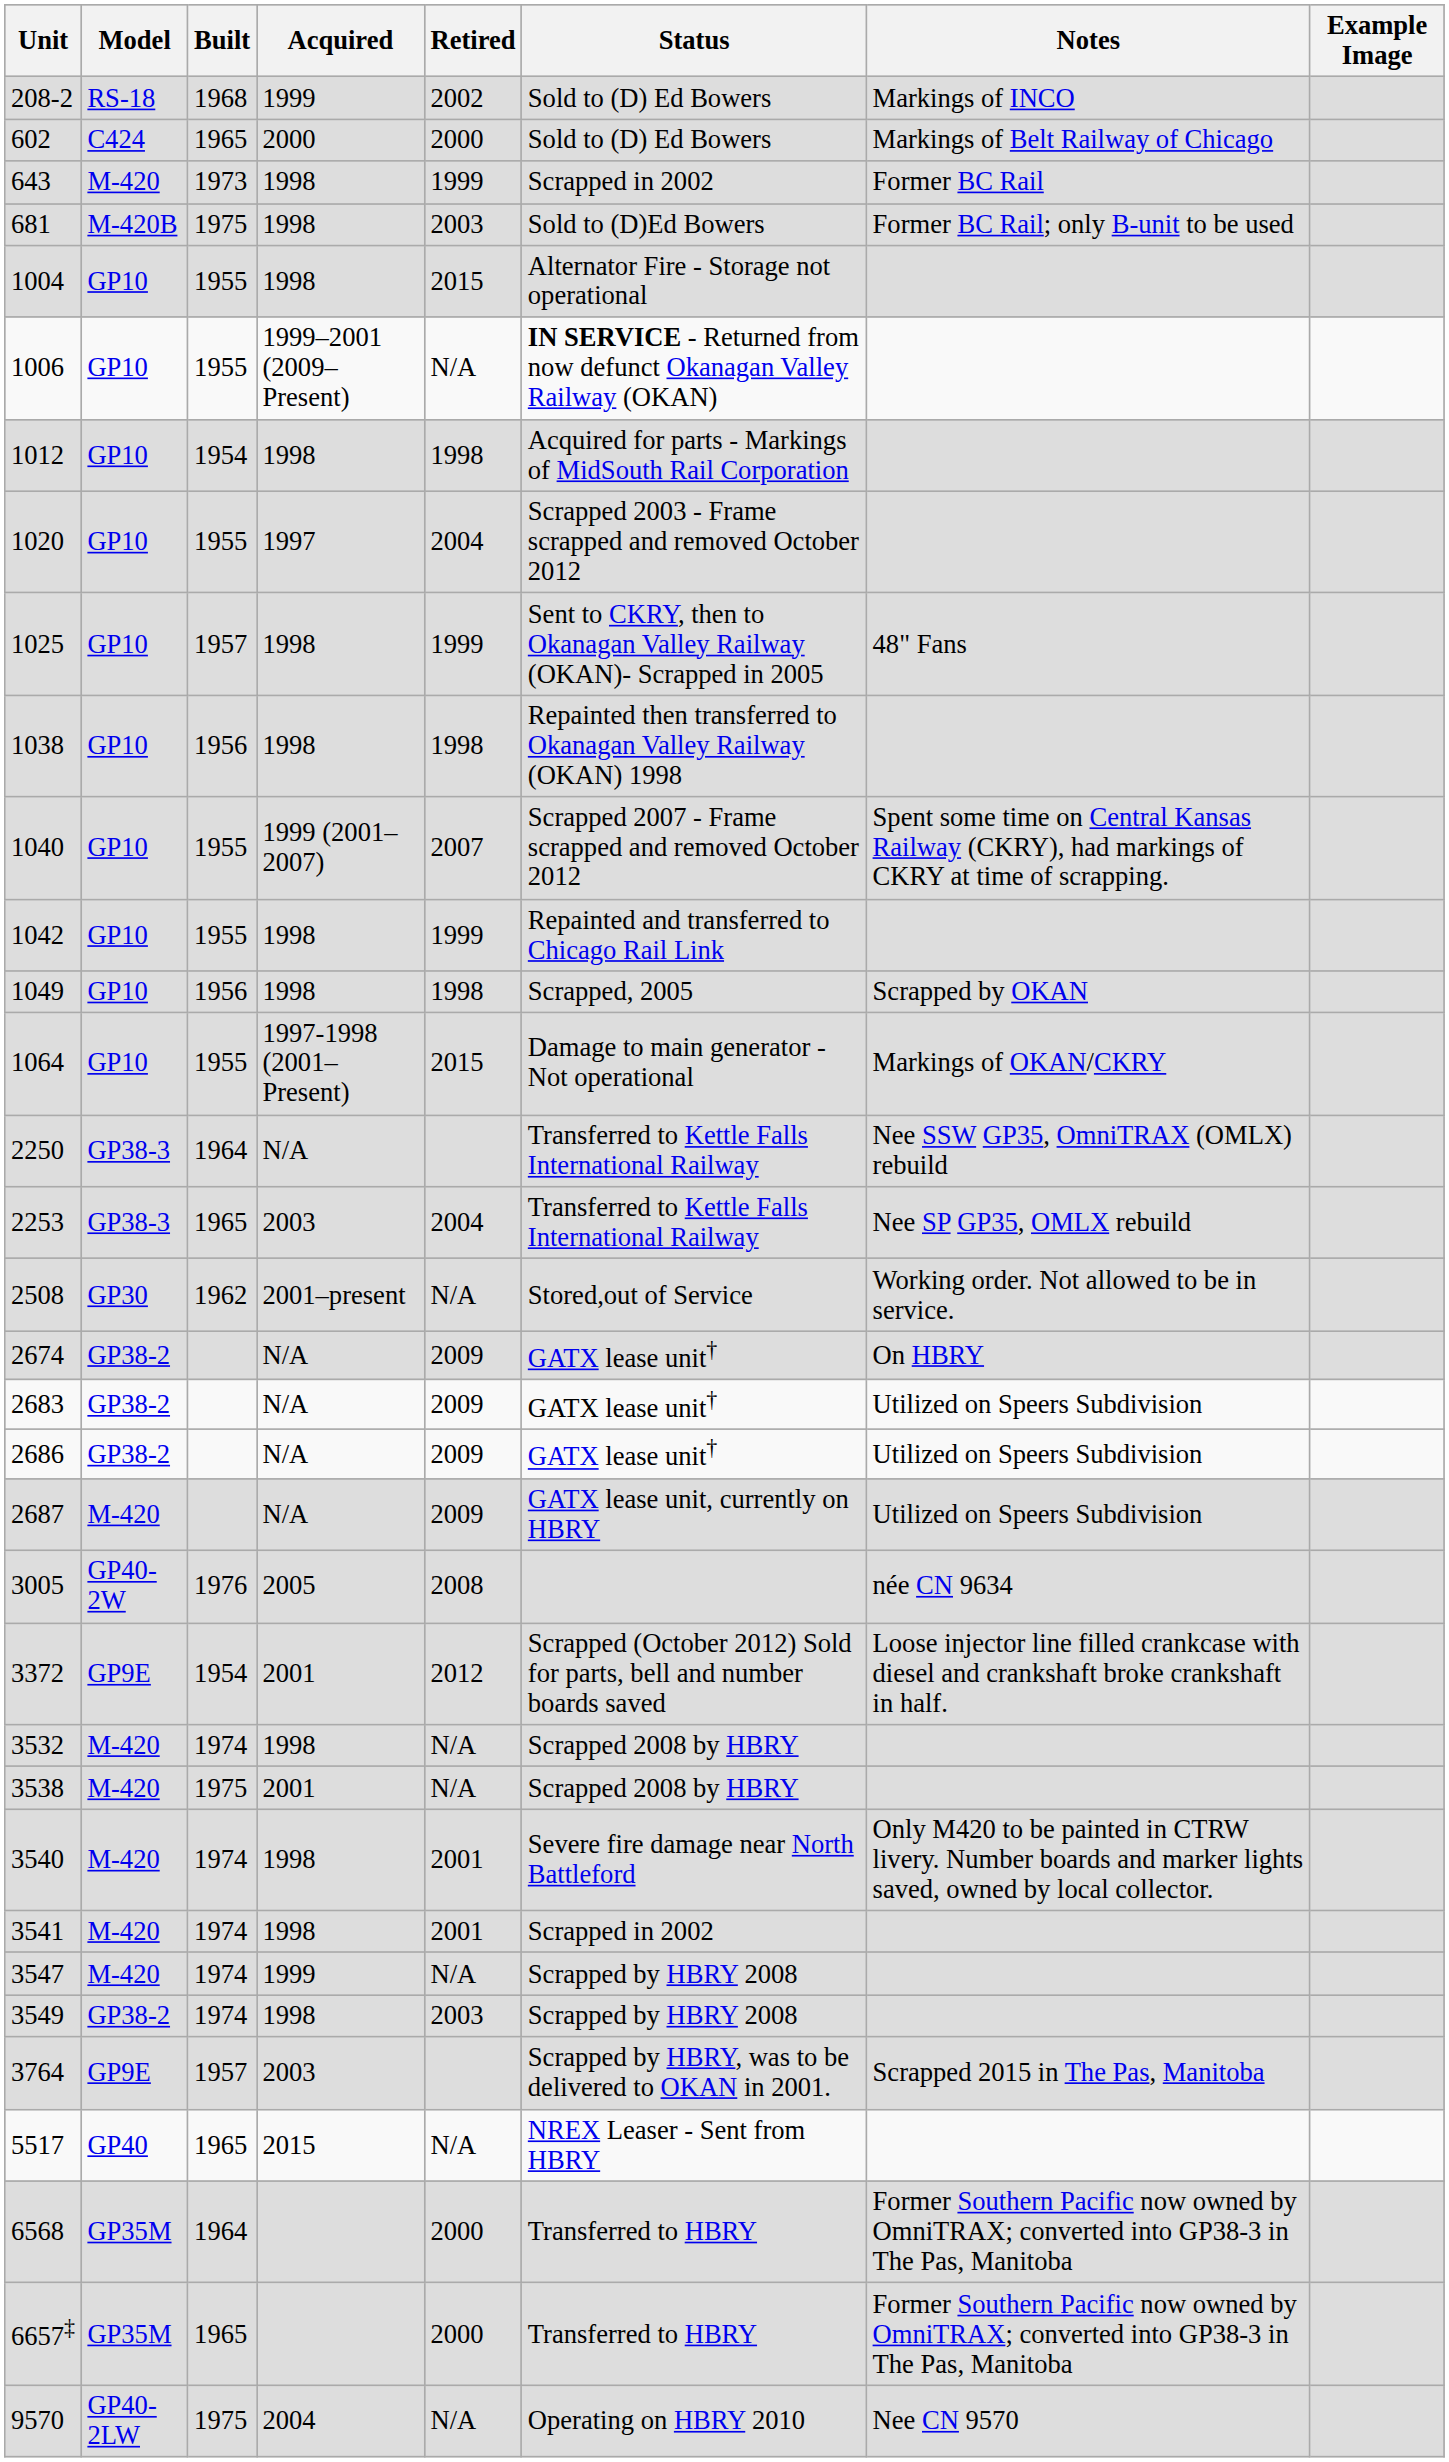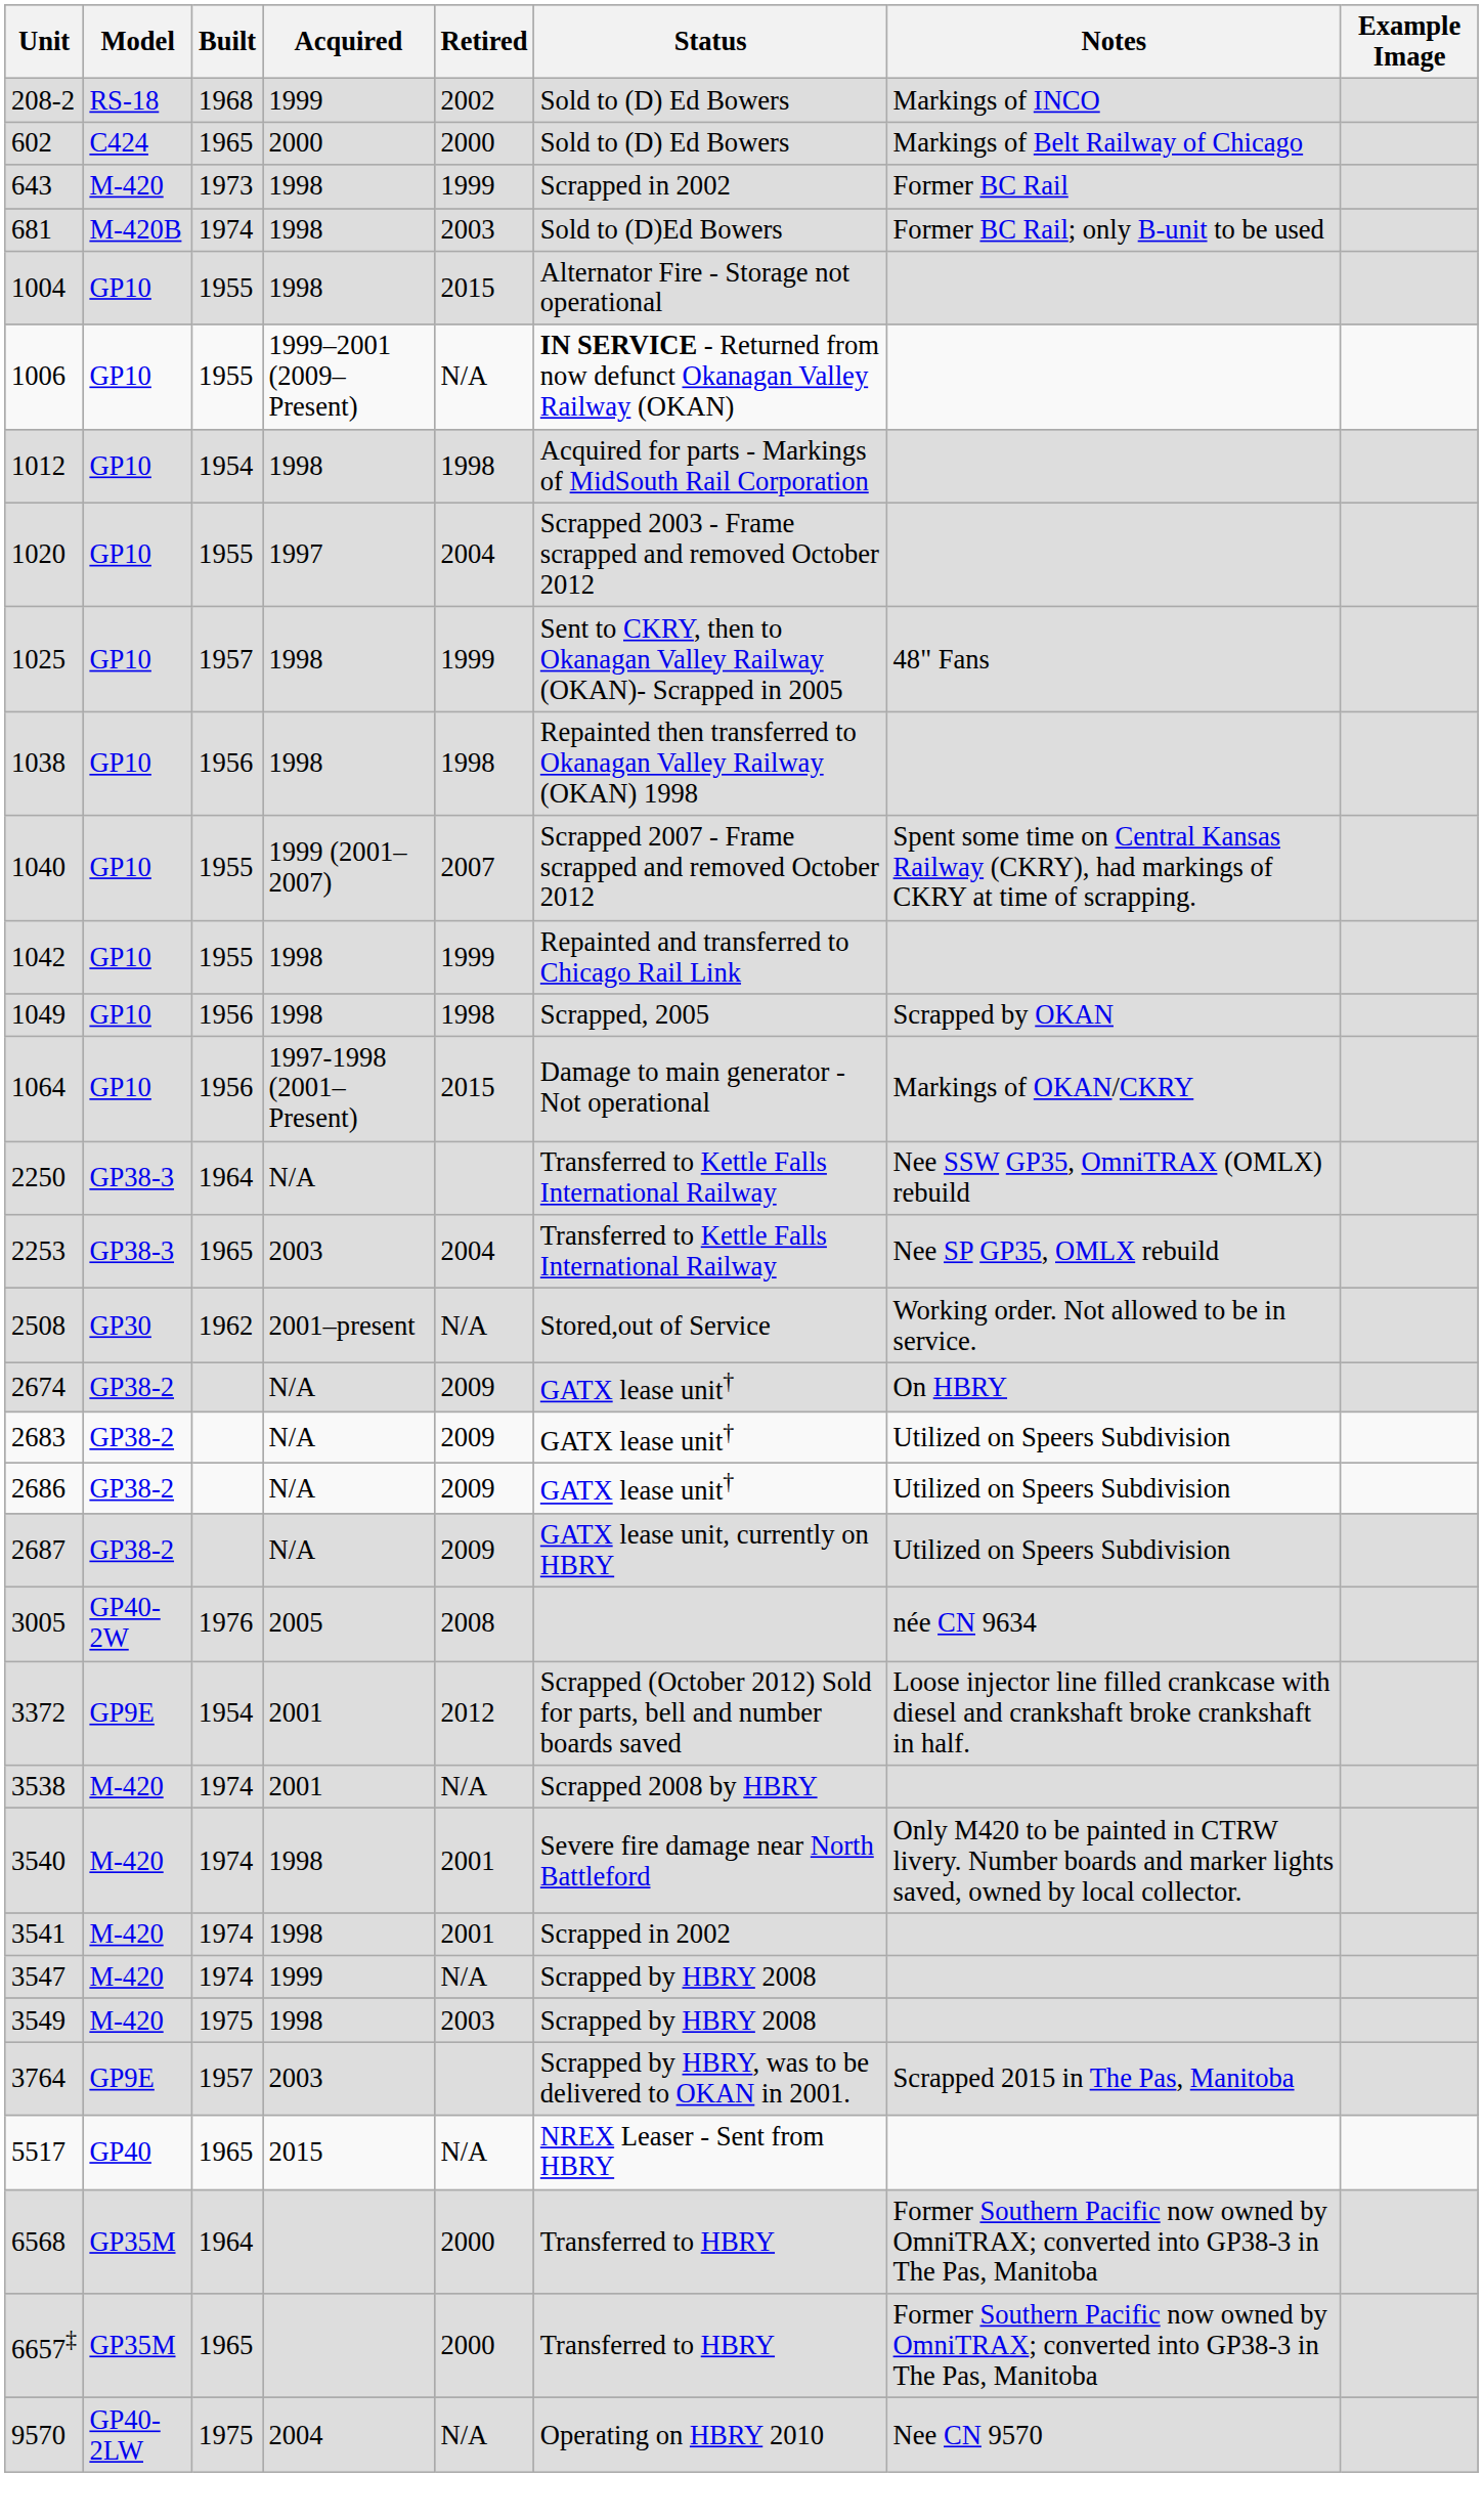 <table class="wikitable" border="1">
 <tr>
 <th>Unit</th>
 <th>Model</th>
 <th>Built</th>
 <th>Acquired</th>
 <th>Retired</th>
 <th>Status</th>
 <th>Notes</th>
 <th>Example Image</th>
 </tr>
 <tr bgcolor="dddddd">
 <td>208-2</td>
 <td><a href='#'>RS-18</a></td>
 <td>1968</td>
 <td>1999</td>
 <td>2002</td>
 <td>Sold to (D) Ed Bowers</td>
 <td>Markings of <a href='#'>INCO</a></td>
 <td></td>
 </tr>
 <tr bgcolor="dddddd">
 <td>602</td>
 <td><a href='#'>C424</a></td>
 <td>1965</td>
 <td>2000</td>
 <td>2000</td>
 <td>Sold to (D) Ed Bowers</td>
 <td>Markings of <a href='#'>Belt Railway of Chicago</a></td>
 <td></td>
 </tr>
 <tr bgcolor="dddddd">
 <td>643</td>
 <td><a href='#'>M-420</a></td>
 <td>1973</td>
 <td>1998</td>
 <td>1999</td>
 <td>Scrapped in 2002</td>
 <td>Former <a href='#'>BC Rail</a></td>
 <td></td>
 </tr>
 <tr bgcolor="dddddd">
 <td>681</td>
 <td><a href='#'>M-420B</a></td>
-<td>1975</td>
+<td>1974</td>
 <td>1998</td>
 <td>2003</td>
 <td>Sold to (D)Ed Bowers</td>
 <td>Former <a href='#'>BC Rail</a>; only <a href='#'>B-unit</a> to be used</td>
 <td></td>
 </tr>
 <tr bgcolor="dddddd">
 <td>1004</td>
 <td><a href='#'>GP10</a></td>
 <td>1955</td>
 <td>1998</td>
 <td>2015</td>
 <td>Alternator Fire - Storage not operational</td>
 <td></td>
 <td></td>
 </tr>
 <tr>
 <td>1006</td>
 <td><a href='#'>GP10</a></td>
 <td>1955</td>
 <td>1999–2001 (2009–Present)</td>
 <td>N/A</td>
 <td><strong>IN SERVICE</strong> - Returned from now defunct <a href='#'>Okanagan Valley Railway</a> (OKAN)</td>
 <td></td>
 <td></td>
 </tr>
 <tr bgcolor="dddddd">
 <td>1012</td>
 <td><a href='#'>GP10</a></td>
 <td>1954</td>
 <td>1998</td>
 <td>1998</td>
 <td>Acquired for parts - Markings of <a href='#'>MidSouth Rail Corporation</a></td>
 <td></td>
 <td></td>
 </tr>
 <tr bgcolor="dddddd">
 <td>1020</td>
 <td><a href='#'>GP10</a></td>
 <td>1955</td>
 <td>1997</td>
 <td>2004</td>
 <td>Scrapped 2003 - Frame scrapped and removed October 2012</td>
 <td></td>
 <td></td>
 </tr>
 <tr bgcolor="dddddd">
 <td>1025</td>
 <td><a href='#'>GP10</a></td>
 <td>1957</td>
 <td>1998</td>
 <td>1999</td>
 <td>Sent to <a href='#'>CKRY</a>, then to <a href='#'>Okanagan Valley Railway</a> (OKAN)- Scrapped in 2005</td>
 <td>48" Fans</td>
 <td></td>
 </tr>
 <tr bgcolor="dddddd">
 <td>1038</td>
 <td><a href='#'>GP10</a></td>
 <td>1956</td>
 <td>1998</td>
 <td>1998</td>
 <td>Repainted then transferred to <a href='#'>Okanagan Valley Railway</a> (OKAN) 1998</td>
 <td></td>
 <td></td>
 </tr>
 <tr bgcolor="dddddd">
 <td>1040</td>
 <td><a href='#'>GP10</a></td>
 <td>1955</td>
 <td>1999 (2001–2007)</td>
 <td>2007</td>
 <td>Scrapped 2007 - Frame scrapped and removed October 2012</td>
 <td>Spent some time on <a href='#'>Central Kansas Railway</a> (CKRY), had markings of CKRY at time of scrapping.</td>
 <td></td>
 </tr>
 <tr bgcolor="dddddd">
 <td>1042</td>
 <td><a href='#'>GP10</a></td>
 <td>1955</td>
 <td>1998</td>
 <td>1999</td>
 <td>Repainted and transferred to <a href='#'>Chicago Rail Link</a></td>
 <td></td>
 <td></td>
 </tr>
 <tr bgcolor="dddddd">
 <td>1049</td>
 <td><a href='#'>GP10</a></td>
 <td>1956</td>
 <td>1998</td>
 <td>1998</td>
 <td>Scrapped, 2005</td>
 <td>Scrapped by <a href='#'>OKAN</a></td>
 <td></td>
 </tr>
 <tr bgcolor="dddddd">
 <td>1064</td>
 <td><a href='#'>GP10</a></td>
-<td>1955</td>
+<td>1956</td>
 <td>1997-1998 (2001–Present)</td>
 <td>2015</td>
 <td>Damage to main generator - Not operational</td>
 <td>Markings of <a href='#'>OKAN</a>/<a href='#'>CKRY</a></td>
 <td></td>
 </tr>
 <tr bgcolor="dddddd">
 <td>2250</td>
 <td><a href='#'>GP38-3</a></td>
 <td>1964</td>
 <td>N/A</td>
 <td></td>
 <td>Transferred to <a href='#'>Kettle Falls International Railway</a></td>
 <td>Nee <a href='#'>SSW</a> <a href='#'>GP35</a>, <a href='#'>OmniTRAX</a> (OMLX) rebuild</td>
 <td></td>
 </tr>
 <tr bgcolor="dddddd">
 <td>2253</td>
 <td><a href='#'>GP38-3</a></td>
 <td>1965</td>
 <td>2003</td>
 <td>2004</td>
 <td>Transferred to <a href='#'>Kettle Falls International Railway</a></td>
 <td>Nee <a href='#'>SP</a> <a href='#'>GP35</a>, <a href='#'>OMLX</a> rebuild</td>
 <td></td>
 </tr>
 <tr bgcolor="dddddd">
 <td>2508</td>
 <td><a href='#'>GP30</a></td>
 <td>1962</td>
 <td>2001–present</td>
 <td>N/A</td>
 <td>Stored,out of Service</td>
 <td>Working order. Not allowed to be in service.</td>
 <td></td>
 </tr>
 <tr bgcolor="dddddd">
 <td>2674</td>
 <td><a href='#'>GP38-2</a></td>
 <td></td>
 <td>N/A</td>
 <td>2009</td>
 <td><a href='#'>GATX</a> lease unit<sup>†</sup></td>
 <td>On <a href='#'>HBRY</a></td>
 <td></td>
 </tr>
 <tr>
 <td>2683</td>
 <td><a href='#'>GP38-2</a></td>
 <td></td>
 <td>N/A</td>
 <td>2009</td>
 <td>GATX lease unit<sup>†</sup></td>
 <td>Utilized on Speers Subdivision</td>
 <td></td>
 </tr>
 <tr>
 <td>2686</td>
 <td><a href='#'>GP38-2</a></td>
 <td></td>
 <td>N/A</td>
 <td>2009</td>
 <td><a href='#'>GATX</a> lease unit<sup>†</sup></td>
 <td>Utilized on Speers Subdivision</td>
 <td></td>
 </tr>
 <tr bgcolor="dddddd">
 <td>2687</td>
-<td><a href='#'>M-420</a></td>
+<td><a href='#'>GP38-2</a></td>
 <td></td>
 <td>N/A</td>
 <td>2009</td>
 <td><a href='#'>GATX</a> lease unit, currently on <a href='#'>HBRY</a></td>
 <td>Utilized on Speers Subdivision</td>
 <td></td>
 </tr>
 <tr bgcolor="dddddd">
 <td>3005</td>
 <td><a href='#'>GP40-2W</a></td>
 <td>1976</td>
 <td>2005</td>
 <td>2008</td>
 <td></td>
 <td>née <a href='#'>CN</a> 9634</td>
 <td></td>
 </tr>
 <tr bgcolor="dddddd">
 <td>3372</td>
 <td><a href='#'>GP9E</a></td>
 <td>1954</td>
 <td>2001</td>
 <td>2012</td>
 <td>Scrapped (October 2012) Sold for parts, bell and number boards saved</td>
 <td>Loose injector line filled crankcase with diesel and crankshaft broke crankshaft in half.</td>
 <td></td>
 </tr>
 <tr bgcolor="dddddd">
-<td>3532</td>
+<td>3538</td>
 <td><a href='#'>M-420</a></td>
 <td>1974</td>
-<td>1998</td>
-<td>N/A</td>
-<td>Scrapped 2008 by <a href='#'>HBRY</a></td>
-<td></td>
-<td></td>
-</tr>
-<tr bgcolor="dddddd">
-<td>3538</td>
-<td><a href='#'>M-420</a></td>
-<td>1975</td>
 <td>2001</td>
 <td>N/A</td>
 <td>Scrapped 2008 by <a href='#'>HBRY</a></td>
 <td></td>
 <td></td>
 </tr>
 <tr bgcolor="dddddd">
 <td>3540</td>
 <td><a href='#'>M-420</a></td>
 <td>1974</td>
 <td>1998</td>
 <td>2001</td>
 <td>Severe fire damage near <a href='#'>North Battleford</a></td>
 <td>Only M420 to be painted in CTRW livery. Number boards and marker lights saved, owned by local collector.</td>
 <td></td>
 </tr>
 <tr bgcolor="dddddd">
 <td>3541</td>
 <td><a href='#'>M-420</a></td>
 <td>1974</td>
 <td>1998</td>
 <td>2001</td>
 <td>Scrapped in 2002</td>
 <td></td>
 <td></td>
 </tr>
 <tr bgcolor="dddddd">
 <td>3547</td>
 <td><a href='#'>M-420</a></td>
 <td>1974</td>
 <td>1999</td>
 <td>N/A</td>
 <td>Scrapped by <a href='#'>HBRY</a> 2008</td>
 <td></td>
 <td></td>
 </tr>
 <tr bgcolor="dddddd">
 <td>3549</td>
-<td><a href='#'>GP38-2</a></td>
-<td>1974</td>
+<td><a href='#'>M-420</a></td>
+<td>1975</td>
 <td>1998</td>
 <td>2003</td>
 <td>Scrapped by <a href='#'>HBRY</a> 2008</td>
 <td></td>
 <td></td>
 </tr>
 <tr bgcolor="dddddd">
 <td>3764</td>
 <td><a href='#'>GP9E</a></td>
 <td>1957</td>
 <td>2003</td>
 <td></td>
 <td>Scrapped by <a href='#'>HBRY</a>, was to be delivered to <a href='#'>OKAN</a> in 2001.</td>
 <td>Scrapped 2015 in <a href='#'>The Pas</a>, <a href='#'>Manitoba</a></td>
 <td></td>
 </tr>
 <tr>
 <td>5517</td>
 <td><a href='#'>GP40</a></td>
 <td>1965</td>
 <td>2015</td>
 <td>N/A</td>
 <td><a href='#'>NREX</a> Leaser - Sent from <a href='#'>HBRY</a></td>
 <td></td>
 <td></td>
 </tr>
 <tr bgcolor="dddddd">
 <td>6568</td>
 <td><a href='#'>GP35M</a></td>
 <td>1964</td>
 <td></td>
 <td>2000</td>
 <td>Transferred to <a href='#'>HBRY</a></td>
 <td>Former <a href='#'>Southern Pacific</a> now owned by OmniTRAX; converted into GP38-3 in The Pas, Manitoba</td>
 <td></td>
 </tr>
 <tr bgcolor="dddddd">
 <td>6657<sup>‡</sup></td>
 <td><a href='#'>GP35M</a></td>
 <td>1965</td>
 <td></td>
 <td>2000</td>
 <td>Transferred to <a href='#'>HBRY</a></td>
 <td>Former <a href='#'>Southern Pacific</a> now owned by <a href='#'>OmniTRAX</a>; converted into GP38-3 in The Pas, Manitoba</td>
 <td></td>
 </tr>
 <tr bgcolor="dddddd">
 <td>9570</td>
 <td><a href='#'>GP40-2LW</a></td>
 <td>1975</td>
 <td>2004</td>
 <td>N/A</td>
 <td>Operating on <a href='#'>HBRY</a> 2010</td>
 <td>Nee <a href='#'>CN</a> 9570</td>
 <td></td>
 </tr>
 </table>
